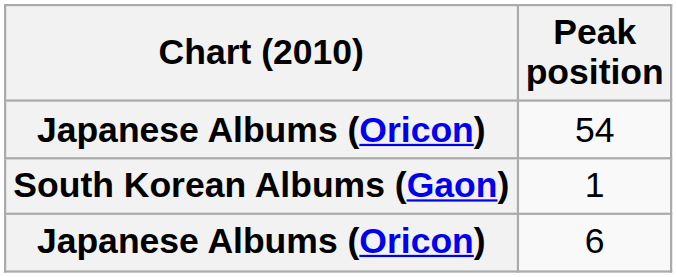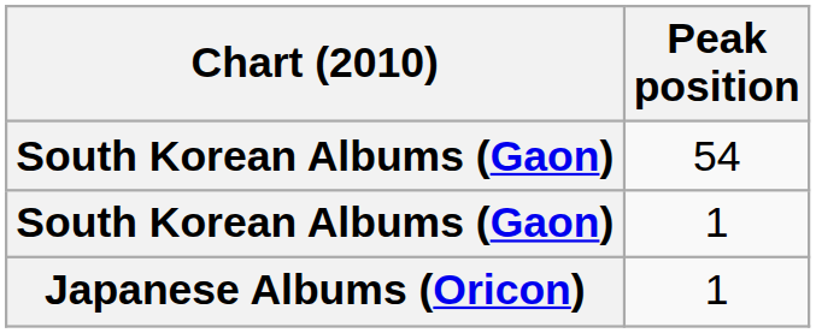 <table class="wikitable sortable plainrowheaders" style="text-align:center;">
 <tr>
 <th>Chart (2010)</th>
 <th>Peak<br>position</th>
 </tr>
 <tr>
-<th scope="row">Japanese Albums (<a href='#'>Oricon</a>)</th>
+<th scope="row">South Korean Albums (<a href='#'>Gaon</a>)</th>
 <td>54</td>
 </tr>
 <tr>
 <th scope="row">South Korean Albums (<a href='#'>Gaon</a>)</th>
 <td>1</td>
 </tr>
 <tr>
 <th scope="row">Japanese Albums (<a href='#'>Oricon</a>)</th>
-<td>6</td>
+<td>1</td>
 </tr>
 </table>
